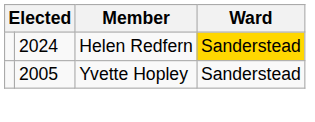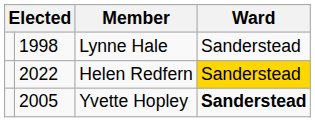 <table class="wikitable">
 <tr>
 <th colspan="2">Elected</th>
 <th>Member</th>
 <th>Ward</th>
 </tr>
 <tr>
 <td style="background-color: "></td>
-<td>2024</td>
+<td>1998</td>
+<td>Lynne Hale</td>
+<td>Sanderstead</td>
+</tr>
+<tr>
+<td style="background-color: "></td>
+<td>2022</td>
 <td>Helen Redfern</td>
 <td style="background: gold;">Sanderstead</td>
 </tr>
 <tr>
 <td style="background-color: "></td>
 <td>2005</td>
 <td>Yvette Hopley</td>
-<td>Sanderstead</td>
+<td><strong>Sanderstead</strong></td>
 </tr>
 </table>
